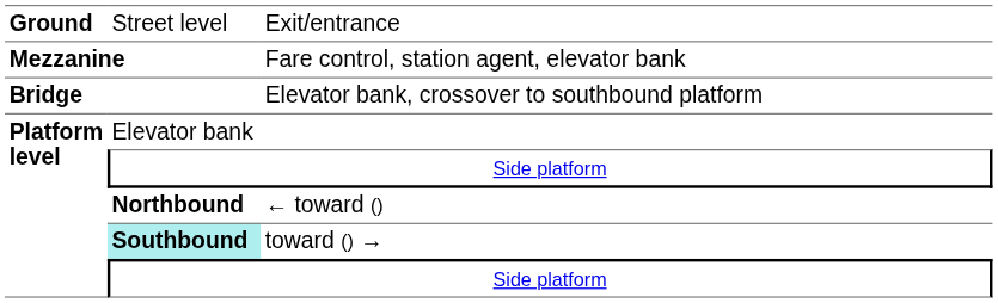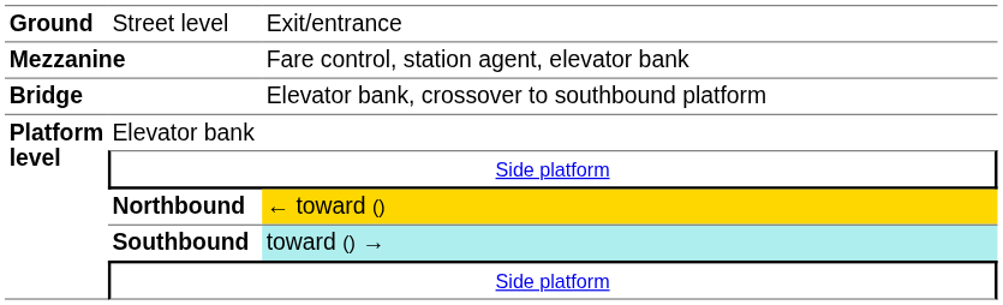 <table cellspacing=0 cellpadding=3>
 <tr>
 <td style="border-top:solid 1px gray;" width=50><strong>Ground</strong></td>
 <td style="border-top:solid 1px gray;" width=100>Street level</td>
 <td style="border-top:solid 1px gray;" width=500>Exit/entrance<br></td>
 </tr>
 <tr>
 <td style="border-top:solid 1px gray;" colspan=2><strong>Mezzanine</strong></td>
 <td style="border-top:solid 1px gray;">Fare control, station agent, elevator bank</td>
 </tr>
 <tr>
 <td style="border-top:solid 1px gray;" colspan=2><strong>Bridge</strong></td>
 <td style="border-top:solid 1px gray;">Elevator bank, crossover to southbound platform</td>
 </tr>
 <tr>
 <td style="border-top:solid 1px gray;border-bottom:solid 1px gray;" rowspan=5 valign=top><strong>Platform level</strong></td>
 <td style="border-top:solid 1px gray;" colspan=2>Elevator bank</td>
 </tr>
 <tr>
 <td style="border-top:solid 1px gray;border-right:solid 2px black;border-left:solid 2px black;border-bottom:solid 2px black;text-align:center;" colspan=2><small><a href='#'>Side platform</a></small></td>
 </tr>
 <tr>
 <td><span><strong>Northbound</strong></span></td>
-<td>←  toward  <small>()</small></td>
+<td style="background: gold;">←  toward  <small>()</small></td>
 </tr>
 <tr>
-<td style="background: paleturquoise; border-top:solid 1px gray;"><span><strong>Southbound</strong></span></td>
-<td style="border-top:solid 1px gray;">  toward  <small>()</small> →</td>
+<td style="border-top:solid 1px gray;"><span><strong>Southbound</strong></span></td>
+<td style="background: paleturquoise; border-top:solid 1px gray;">  toward  <small>()</small> →</td>
 </tr>
 <tr>
 <td style="border-top:solid 2px black;border-right:solid 2px black;border-left:solid 2px black;border-bottom:solid 1px gray;text-align:center;" colspan=2><small><a href='#'>Side platform</a></small></td>
 </tr>
 </table>
